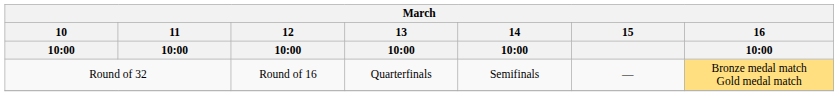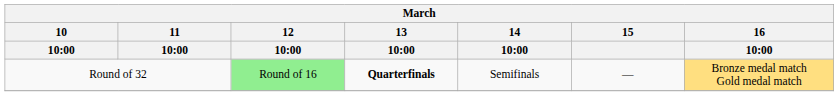 <table class="wikitable" style="margin:1em auto; text-align:center">
 <tr>
 <th colspan=7>March</th>
 </tr>
 <tr>
 <th width=150>10</th>
 <th width=150>11</th>
 <th width=150>12</th>
 <th width=150>13</th>
 <th width=150>14</th>
 <th width=150>15</th>
 <th width=200>16</th>
 </tr>
 <tr>
 <th>10:00</th>
 <th>10:00</th>
 <th>10:00</th>
 <th>10:00</th>
 <th>10:00</th>
 <th></th>
 <th>10:00</th>
 </tr>
 <tr>
 <td colspan="2">Round of 32</td>
-<td>Round of 16</td>
-<td>Quarterfinals</td>
+<td style="background: lightgreen;">Round of 16</td>
+<td><strong>Quarterfinals</strong></td>
 <td>Semifinals</td>
 <td>—</td>
 <td style="background:#ffdf80;">Bronze medal match<br>Gold medal match</td>
 </tr>
 <tr>
 </tr>
 </table>
